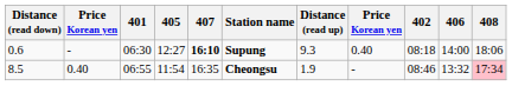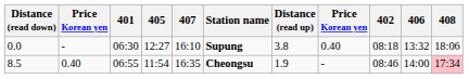 <table class="wikitable" style="font-size:90%;">
 <tr>
 <th>Distance<br><small>(read down)</small></th>
 <th>Price<br><small><a href='#'>Korean yen</a></small></th>
 <th>401</th>
 <th>405</th>
 <th>407</th>
 <th>Station name</th>
 <th>Distance<br><small>(read up)</small></th>
 <th>Price<br><small><a href='#'>Korean yen</a></small></th>
 <th>402</th>
 <th>406</th>
 <th>408</th>
 </tr>
 <tr>
-<td>0.6</td>
+<td>0.0</td>
 <td>-</td>
 <td>06:30</td>
 <td>12:27</td>
-<td><strong>16:10</strong></td>
+<td>16:10</td>
 <td><strong>Supung</strong></td>
-<td>9.3</td>
+<td>3.8</td>
 <td>0.40</td>
 <td>08:18</td>
-<td>14:00</td>
+<td>13:32</td>
 <td>18:06</td>
 </tr>
 <tr>
 <td>8.5</td>
 <td>0.40</td>
 <td>06:55</td>
 <td>11:54</td>
 <td>16:35</td>
 <td><strong>Cheongsu</strong></td>
 <td>1.9</td>
 <td>-</td>
 <td>08:46</td>
-<td>13:32</td>
+<td>14:00</td>
 <td style="background: pink;">17:34</td>
 </tr>
 </table>
